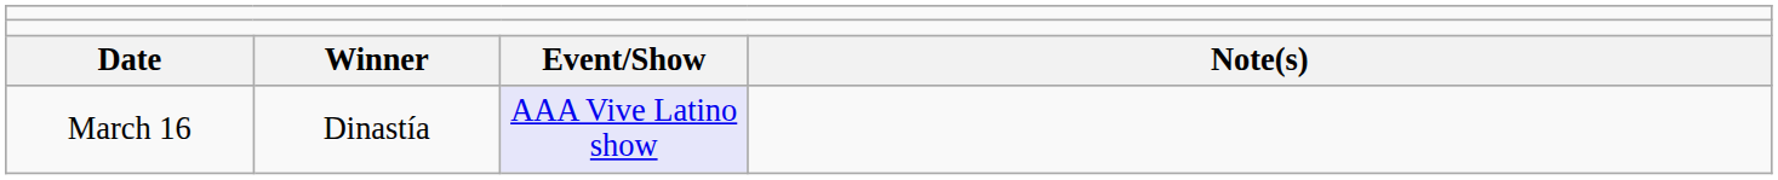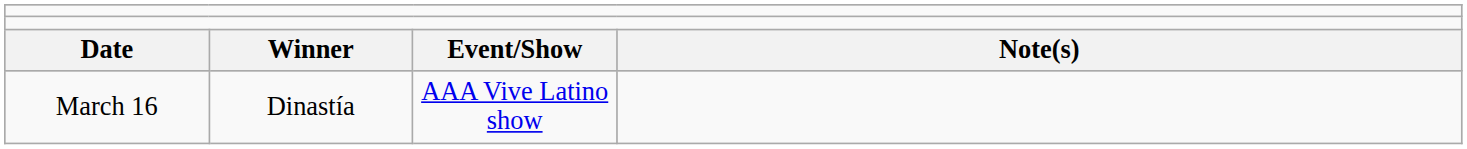 <table class="wikitable" style="text-align:center; width:100%;">
 <tr>
 <td colspan="4"></td>
 </tr>
 <tr>
 <td colspan="4"><strong></strong></td>
 </tr>
 <tr>
 <th width=14%>Date</th>
 <th width=14%>Winner</th>
 <th width=14%>Event/Show</th>
 <th width=58%>Note(s)</th>
 </tr>
 <tr>
 <td>March 16</td>
 <td>Dinastía</td>
-<td style="background: lavender;"><a href='#'>AAA Vive Latino show</a></td>
+<td><a href='#'>AAA Vive Latino show</a></td>
 <td></td>
 </tr>
 </table>
